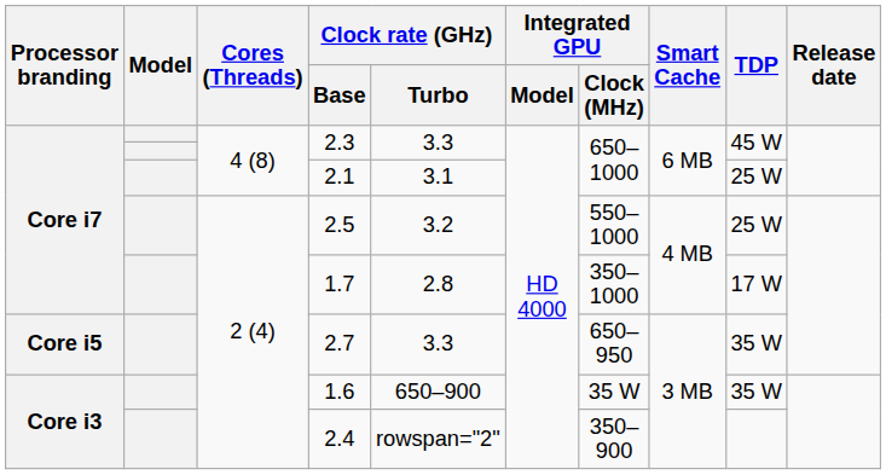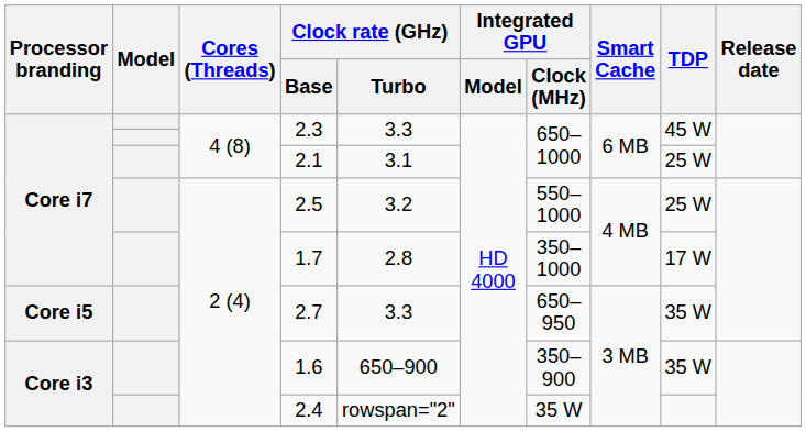 <table class="wikitable sortable nowrap" style="text-align: center;">
 <tr>
 <th class="unsortable" rowspan="2">Processor<br>branding</th>
 <th rowspan="2">Model</th>
 <th class="unsortable" rowspan="2"><a href='#'>Cores</a><br>(<a href='#'>Threads</a>)</th>
 <th colspan="2"><a href='#'>Clock rate</a> (GHz)</th>
 <th colspan="2">Integrated <a href='#'>GPU</a></th>
 <th class="unsortable" rowspan="2"><a href='#'>Smart<br>Cache</a></th>
 <th rowspan="2"><a href='#'>TDP</a></th>
 <th rowspan="2">Release<br>date</th>
 </tr>
 <tr>
 <th class="unsortable">Base</th>
 <th class="unsortable">Turbo</th>
 <th class="unsortable">Model</th>
 <th class="unsortable">Clock (MHz)</th>
 </tr>
 <tr>
 <th rowspan="5">Core i7</th>
 <th style="text-align:left;" data-sort-value="sku8"></th>
 <td rowspan="3">4 (8)</td>
 <td rowspan="2">2.3</td>
 <td rowspan="2">3.3</td>
 <td rowspan="8"><a href='#'>HD 4000</a></td>
 <td rowspan="3">650–1000</td>
 <td rowspan="3">6 MB</td>
 <td rowspan="2">45 W</td>
 <td rowspan="3"></td>
 </tr>
 <tr>
 <th style="text-align:left;" data-sort-value="sku7"></th>
 </tr>
 <tr>
 <th style="text-align:left;" data-sort-value="sku6"></th>
 <td>2.1</td>
 <td>3.1</td>
 <td>25 W</td>
 </tr>
 <tr>
 <th style="text-align:left;" data-sort-value="sku5"></th>
 <td rowspan="5">2 (4)</td>
 <td>2.5</td>
 <td>3.2</td>
 <td>550–1000</td>
 <td rowspan="2">4 MB</td>
 <td>25 W</td>
 <td rowspan="3"></td>
 </tr>
 <tr>
 <th style="text-align:left;" data-sort-value="sku4"></th>
 <td>1.7</td>
 <td>2.8</td>
 <td>350–1000</td>
 <td>17 W</td>
 </tr>
 <tr>
 <th>Core i5</th>
 <th style="text-align:left;" data-sort-value="sku3"></th>
 <td>2.7</td>
 <td>3.3</td>
 <td>650–950</td>
 <td rowspan="3">3 MB</td>
 <td>35 W</td>
 </tr>
 <tr>
 <th rowspan="2">Core i3</th>
 <th style="text-align:left;" data-sort-value="sku2"></th>
 <td>1.6</td>
 <td>650–900</td>
-<td>35 W</td>
+<td>350–900</td>
 <td>35 W</td>
 <td rowspan="2"></td>
 </tr>
 <tr>
 <th style="text-align:left;" data-sort-value="sku1"></th>
 <td>2.4</td>
 <td>rowspan="2" </td>
-<td>350–900</td>
+<td>35 W</td>
 </tr>
 </table>
